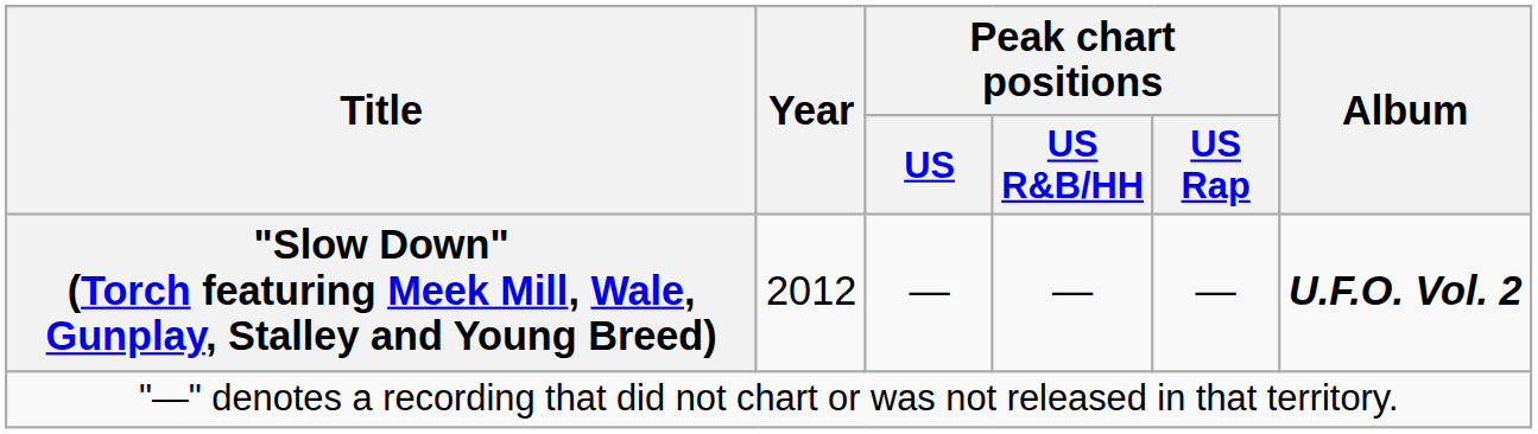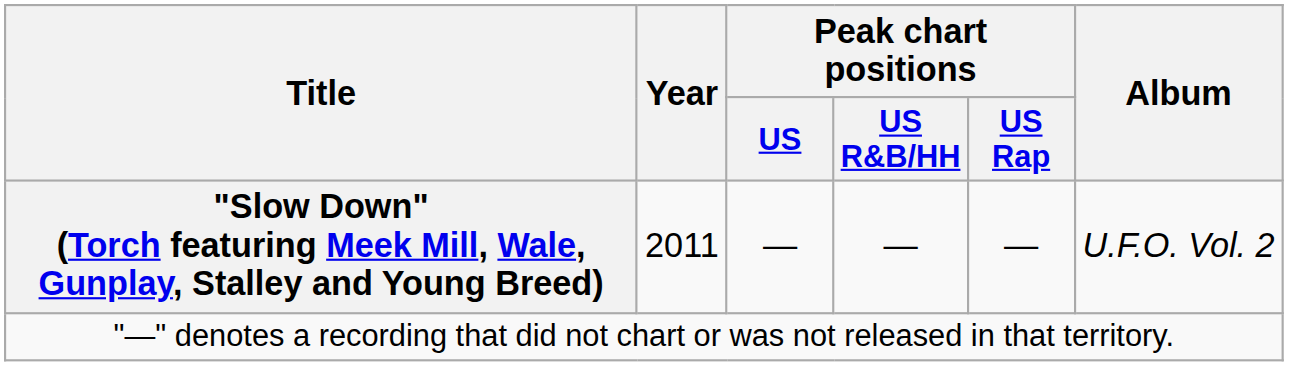 <table class="wikitable plainrowheaders" style="text-align:center;">
 <tr>
 <th scope="col" rowspan="2" style="width:18em;">Title</th>
 <th scope="col" rowspan="2">Year</th>
 <th scope="col" colspan="3">Peak chart positions</th>
 <th scope="col" rowspan="2">Album</th>
 </tr>
 <tr>
 <th scope="col" style="width:3em;font-size:90%;"><a href='#'>US</a><br></th>
 <th scope="col" style="width:3em;font-size:90%;"><a href='#'>US<br>R&B/HH</a><br></th>
 <th scope="col" style="width:3em;font-size:90%;"><a href='#'>US Rap</a><br></th>
 </tr>
 <tr>
 <th scope="row">"Slow Down"<br><span>(<a href='#'>Torch</a> featuring <a href='#'>Meek Mill</a>, <a href='#'>Wale</a>, <a href='#'>Gunplay</a>, Stalley and Young Breed)</span></th>
-<td>2012</td>
+<td>2011</td>
 <td>—</td>
 <td>—</td>
 <td>—</td>
-<td><strong><em>U.F.O. Vol. 2</em></strong></td>
+<td><em>U.F.O. Vol. 2</em></td>
 </tr>
 <tr>
 <td colspan="13" style="font-size:90%">"—" denotes a recording that did not chart or was not released in that territory.</td>
 </tr>
 </table>
